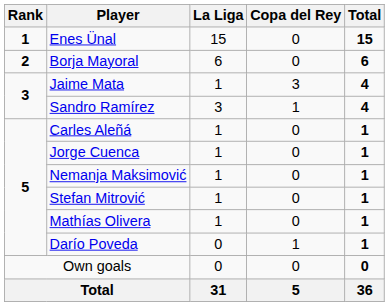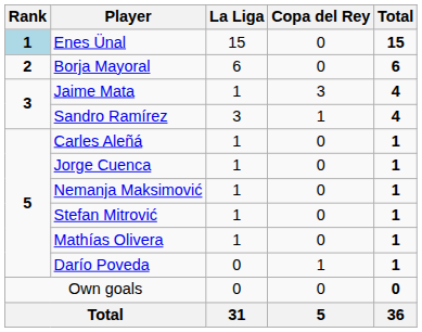 <table class="wikitable" style="text-align:center;">
 <tr>
 <th>Rank</th>
 <th>Player</th>
 <th>La Liga</th>
 <th>Copa del Rey</th>
 <th>Total</th>
 </tr>
 <tr>
-<td><strong>1</strong></td>
+<td style="background: lightblue;"><strong>1</strong></td>
 <td align=left> <a href='#'>Enes Ünal</a></td>
 <td>15</td>
 <td>0</td>
 <td><strong>15</strong></td>
 </tr>
 <tr>
 <td><strong>2</strong></td>
 <td align=left> <a href='#'>Borja Mayoral</a></td>
 <td>6</td>
 <td>0</td>
 <td><strong>6</strong></td>
 </tr>
 <tr>
 <td rowspan=2><strong>3</strong></td>
 <td align=left> <a href='#'>Jaime Mata</a></td>
 <td>1</td>
 <td>3</td>
 <td><strong>4</strong></td>
 </tr>
 <tr>
 <td align=left> <a href='#'>Sandro Ramírez</a></td>
 <td>3</td>
 <td>1</td>
 <td><strong>4</strong></td>
 </tr>
 <tr>
 <td rowspan=6><strong>5</strong></td>
 <td align=left> <a href='#'>Carles Aleñá</a></td>
 <td>1</td>
 <td>0</td>
 <td><strong>1</strong></td>
 </tr>
 <tr>
 <td align=left> <a href='#'>Jorge Cuenca</a></td>
 <td>1</td>
 <td>0</td>
 <td><strong>1</strong></td>
 </tr>
 <tr>
 <td align=left> <a href='#'>Nemanja Maksimović</a></td>
 <td>1</td>
 <td>0</td>
 <td><strong>1</strong></td>
 </tr>
 <tr>
 <td align=left> <a href='#'>Stefan Mitrović</a></td>
 <td>1</td>
 <td>0</td>
 <td><strong>1</strong></td>
 </tr>
 <tr>
 <td align=left> <a href='#'>Mathías Olivera</a></td>
 <td>1</td>
 <td>0</td>
 <td><strong>1</strong></td>
 </tr>
 <tr>
 <td align=left> <a href='#'>Darío Poveda</a></td>
 <td>0</td>
 <td>1</td>
 <td><strong>1</strong></td>
 </tr>
 <tr>
 <td align=center colspan=2>Own goals</td>
 <td>0</td>
 <td>0</td>
 <td><strong>0</strong></td>
 </tr>
 <tr>
 <th colspan=2>Total</th>
 <th>31</th>
 <th>5</th>
 <th><strong>36</strong></th>
 </tr>
 </table>
